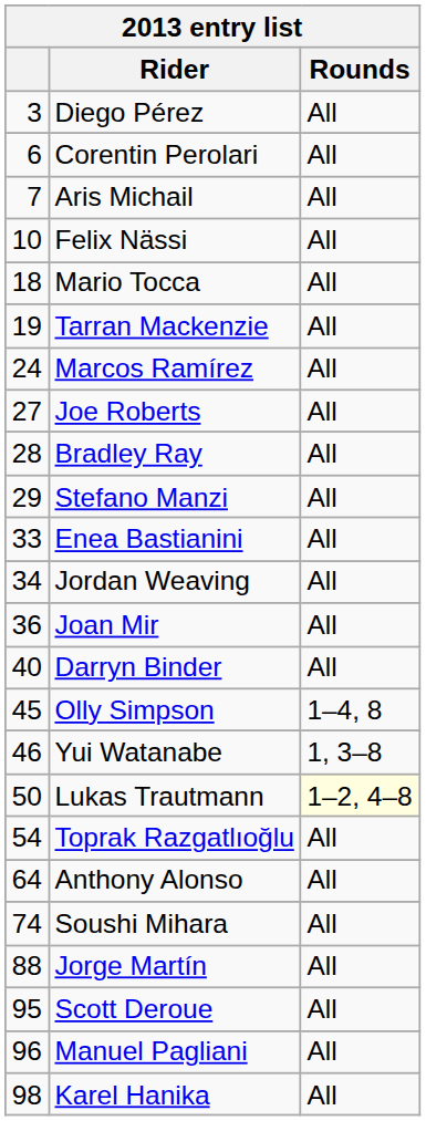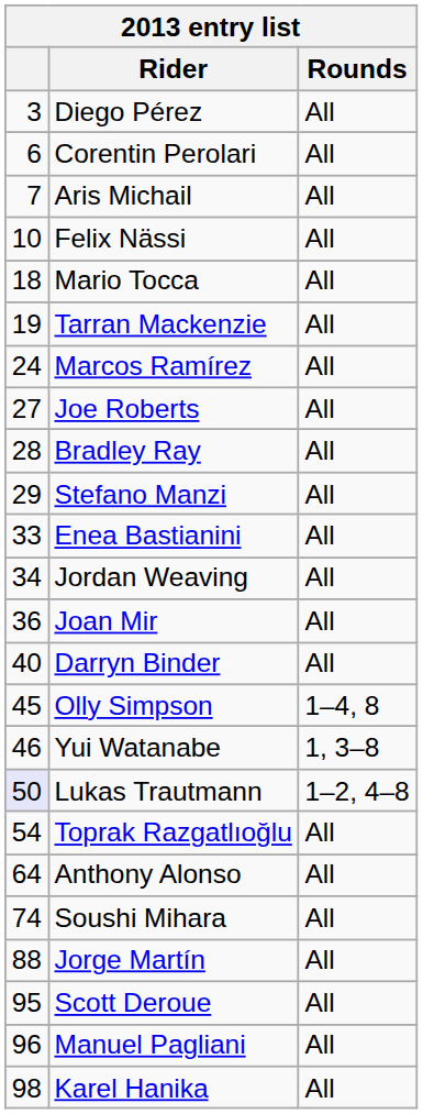 <table class="wikitable" style="font-size: 85%">
 <tr>
 <th colspan=3>2013 entry list</th>
 </tr>
 <tr>
 <th></th>
 <th>Rider</th>
 <th>Rounds</th>
 </tr>
 <tr>
 <td align=right>3</td>
 <td> Diego Pérez</td>
 <td>All</td>
 </tr>
 <tr>
 <td align=right>6</td>
 <td> Corentin Perolari</td>
 <td>All</td>
 </tr>
 <tr>
 <td align=right>7</td>
 <td> Aris Michail</td>
 <td>All</td>
 </tr>
 <tr>
 <td align=right>10</td>
 <td> Felix Nässi</td>
 <td>All</td>
 </tr>
 <tr>
 <td align=right>18</td>
 <td> Mario Tocca</td>
 <td>All</td>
 </tr>
 <tr>
 <td align=right>19</td>
 <td> <a href='#'>Tarran Mackenzie</a></td>
 <td>All</td>
 </tr>
 <tr>
 <td align=right>24</td>
 <td> <a href='#'>Marcos Ramírez</a></td>
 <td>All</td>
 </tr>
 <tr>
 <td align=right>27</td>
 <td> <a href='#'>Joe Roberts</a></td>
 <td>All</td>
 </tr>
 <tr>
 <td align=right>28</td>
 <td> <a href='#'>Bradley Ray</a></td>
 <td>All</td>
 </tr>
 <tr>
 <td align=right>29</td>
 <td> <a href='#'>Stefano Manzi</a></td>
 <td>All</td>
 </tr>
 <tr>
 <td align=right>33</td>
 <td> <a href='#'>Enea Bastianini</a></td>
 <td>All</td>
 </tr>
 <tr>
 <td align=right>34</td>
 <td> Jordan Weaving</td>
 <td>All</td>
 </tr>
 <tr>
 <td align=right>36</td>
 <td> <a href='#'>Joan Mir</a></td>
 <td>All</td>
 </tr>
 <tr>
 <td align=right>40</td>
 <td> <a href='#'>Darryn Binder</a></td>
 <td>All</td>
 </tr>
 <tr>
 <td align=right>45</td>
 <td> <a href='#'>Olly Simpson</a></td>
 <td>1–4, 8</td>
 </tr>
 <tr>
 <td align=right>46</td>
 <td> Yui Watanabe</td>
 <td>1, 3–8</td>
 </tr>
 <tr>
-<td align=right>50</td>
+<td align=right style="background: lavender;">50</td>
 <td> Lukas Trautmann</td>
-<td style="background: lightyellow;">1–2, 4–8</td>
+<td>1–2, 4–8</td>
 </tr>
 <tr>
 <td align=right>54</td>
 <td> <a href='#'>Toprak Razgatlıoğlu</a></td>
 <td>All</td>
 </tr>
 <tr>
 <td align=right>64</td>
 <td> Anthony Alonso</td>
 <td>All</td>
 </tr>
 <tr>
 <td align=right>74</td>
 <td> Soushi Mihara</td>
 <td>All</td>
 </tr>
 <tr>
 <td align=right>88</td>
 <td> <a href='#'>Jorge Martín</a></td>
 <td>All</td>
 </tr>
 <tr>
 <td align=right>95</td>
 <td> <a href='#'>Scott Deroue</a></td>
 <td>All</td>
 </tr>
 <tr>
 <td align=right>96</td>
 <td> <a href='#'>Manuel Pagliani</a></td>
 <td>All</td>
 </tr>
 <tr>
 <td align=right>98</td>
 <td> <a href='#'>Karel Hanika</a></td>
 <td>All</td>
 </tr>
 </table>
